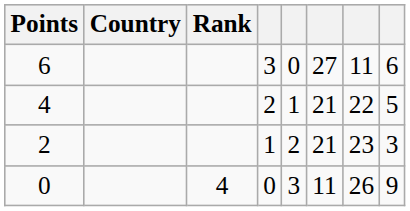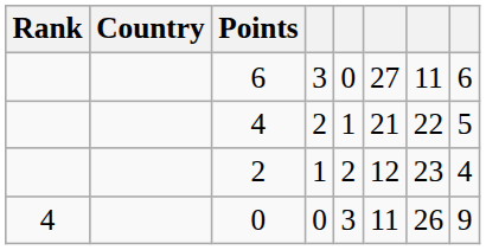 <table class="wikitable sortable" style="text-align: center;">
 <tr>
+<th>Rank</th>
+<th>Country</th>
 <th>Points</th>
-<th>Country</th>
-<th>Rank</th>
 <th></th>
 <th></th>
 <th></th>
 <th></th>
 <th></th>
 </tr>
 <tr>
+<td></td>
+<td align=left></td>
 <td>6</td>
-<td align=left></td>
-<td></td>
 <td>3</td>
 <td>0</td>
 <td>27</td>
 <td>11</td>
 <td>6</td>
 </tr>
 <tr>
+<td></td>
+<td align=left></td>
 <td>4</td>
-<td align=left></td>
-<td></td>
 <td>2</td>
 <td>1</td>
 <td>21</td>
 <td>22</td>
 <td>5</td>
 </tr>
 <tr>
+<td></td>
+<td align=left></td>
 <td>2</td>
-<td align=left></td>
-<td></td>
 <td>1</td>
 <td>2</td>
-<td>21</td>
+<td>12</td>
 <td>23</td>
-<td>3</td>
+<td>4</td>
 </tr>
 <tr>
+<td>4</td>
+<td align=left></td>
 <td>0</td>
-<td align=left></td>
-<td>4</td>
 <td>0</td>
 <td>3</td>
 <td>11</td>
 <td>26</td>
 <td>9</td>
 </tr>
 </table>
